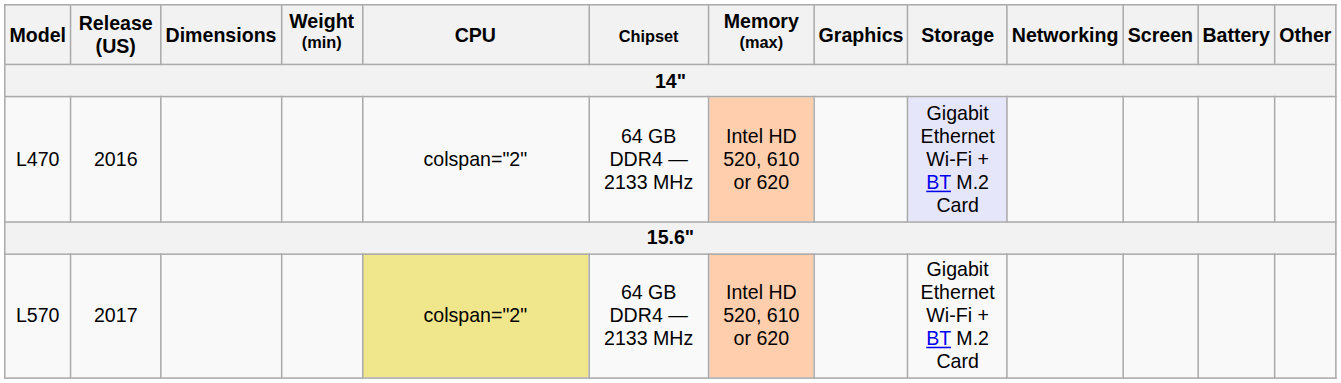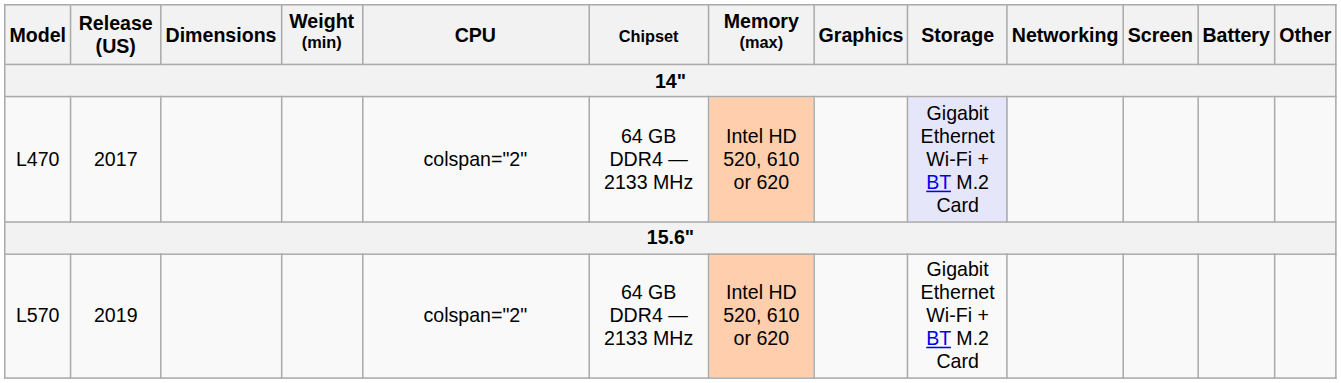 <table class="wikitable" style="font-size: 80%; text-align: center; min-width: 80%;">
 <tr>
 <th>Model</th>
 <th>Release (US)</th>
 <th>Dimensions</th>
 <th>Weight <sup>(min)</sup></th>
 <th style="width:17%">CPU</th>
 <th><small>Chipset</small></th>
 <th>Memory <sup>(max)</sup></th>
 <th>Graphics</th>
 <th>Storage</th>
 <th>Networking</th>
 <th>Screen</th>
 <th>Battery</th>
 <th>Other</th>
 </tr>
 <tr>
 <th colspan=13>14"</th>
 </tr>
 <tr>
 <td>L470</td>
-<td>2016</td>
+<td>2017</td>
 <td></td>
 <td></td>
 <td>colspan="2" </td>
 <td style="background:">64 GB DDR4 — 2133 MHz<br></td>
 <td style="background:#ffcead;">Intel HD 520, 610 or 620</td>
 <td></td>
 <td style="background: lavender;">Gigabit Ethernet<br>Wi-Fi + <a href='#'>BT</a> M.2 Card<br><small></small></td>
 <td></td>
 <td></td>
 <td></td>
 </tr>
 <tr>
 <th colspan=13>15.6"</th>
 </tr>
 <tr>
 <td>L570 </td>
-<td>2017</td>
+<td>2019</td>
 <td></td>
 <td></td>
-<td style="background: khaki;">colspan="2" </td>
+<td>colspan="2" </td>
 <td style="background:">64 GB DDR4 — 2133 MHz<br></td>
 <td style="background:#ffcead;">Intel HD 520, 610 or 620</td>
 <td></td>
 <td>Gigabit Ethernet<br>Wi-Fi + <a href='#'>BT</a> M.2 Card<br><small></small></td>
 <td></td>
 <td></td>
 <td></td>
 </tr>
 </table>
